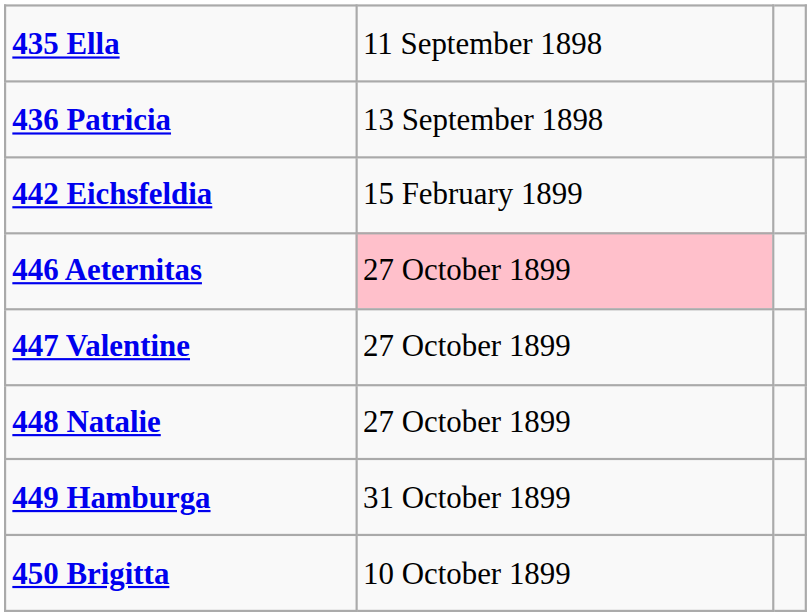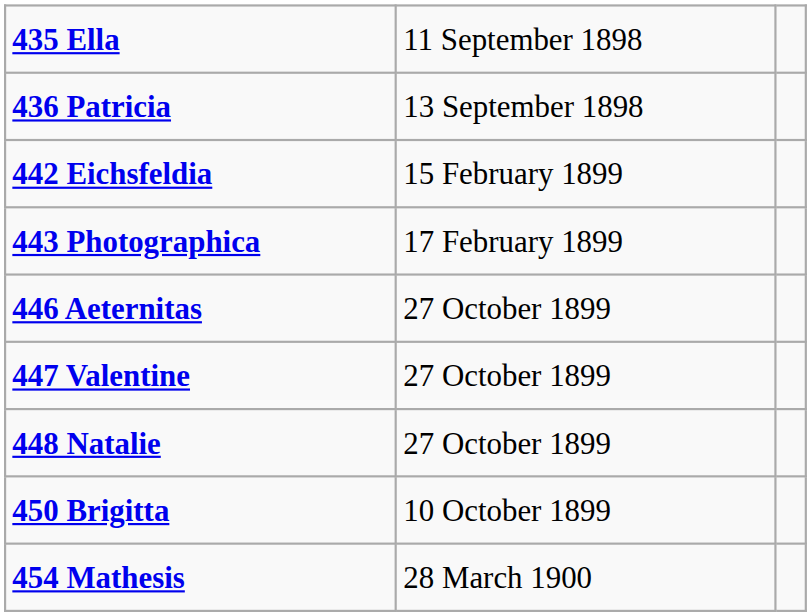 <table class="wikitable" style="font-size: 89%; float: left; width: 26em; margin-right: 1em; height: 280px;">
 <tr>
 <td><strong><a href='#'>435 Ella</a></strong></td>
 <td>11 September 1898</td>
 <td> </td>
 </tr>
 <tr>
 <td><strong><a href='#'>436 Patricia</a></strong></td>
 <td>13 September 1898</td>
 <td> </td>
 </tr>
 <tr>
 <td><strong><a href='#'>442 Eichsfeldia</a></strong></td>
 <td>15 February 1899</td>
 <td> </td>
 </tr>
 <tr>
+<td><strong><a href='#'>443 Photographica</a></strong></td>
+<td>17 February 1899</td>
+<td> </td>
+</tr>
+<tr>
 <td><strong><a href='#'>446 Aeternitas</a></strong></td>
-<td style="background: pink;">27 October 1899</td>
+<td>27 October 1899</td>
 <td> </td>
 </tr>
 <tr>
 <td><strong><a href='#'>447 Valentine</a></strong></td>
 <td>27 October 1899</td>
 <td> </td>
 </tr>
 <tr>
 <td><strong><a href='#'>448 Natalie</a></strong></td>
 <td>27 October 1899</td>
 <td> </td>
 </tr>
 <tr>
-<td><strong><a href='#'>449 Hamburga</a></strong></td>
-<td>31 October 1899</td>
-<td> </td>
-</tr>
-<tr>
 <td><strong><a href='#'>450 Brigitta</a></strong></td>
 <td>10 October 1899</td>
 <td> </td>
 </tr>
+<tr>
+<td><strong><a href='#'>454 Mathesis</a></strong></td>
+<td>28 March 1900</td>
+<td></td>
+</tr>
 </table>
